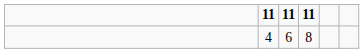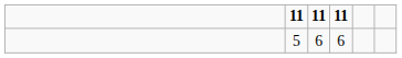 <table class="wikitable">
 <tr>
 <td style="width:18em"></td>
 <td align=center style="width:1em"><strong>11</strong></td>
 <td align=center style="width:1em"><strong>11</strong></td>
 <td align=center style="width:1em"><strong>11</strong></td>
 <td align=center style="width:1em"></td>
 <td align=center style="width:1em"></td>
 </tr>
 <tr>
 <td style="width:18em"></td>
-<td align=center style="width:1em">4</td>
+<td align=center style="width:1em">5</td>
 <td align=center style="width:1em">6</td>
-<td align=center style="width:1em">8</td>
+<td align=center style="width:1em">6</td>
 <td align=center style="width:1em"></td>
 <td align=center style="width:1em"></td>
 </tr>
 </table>
